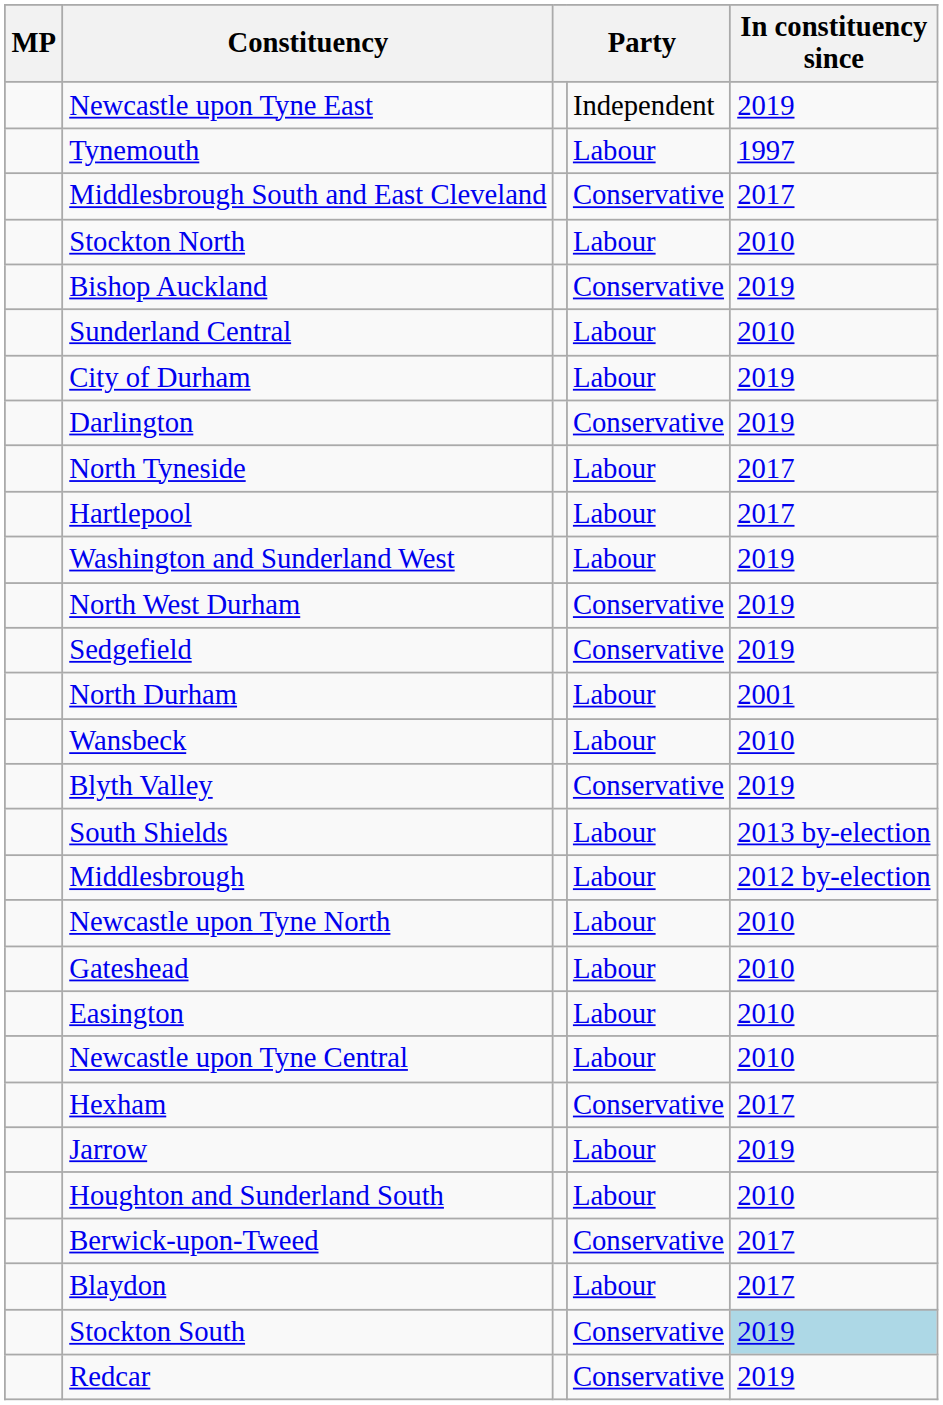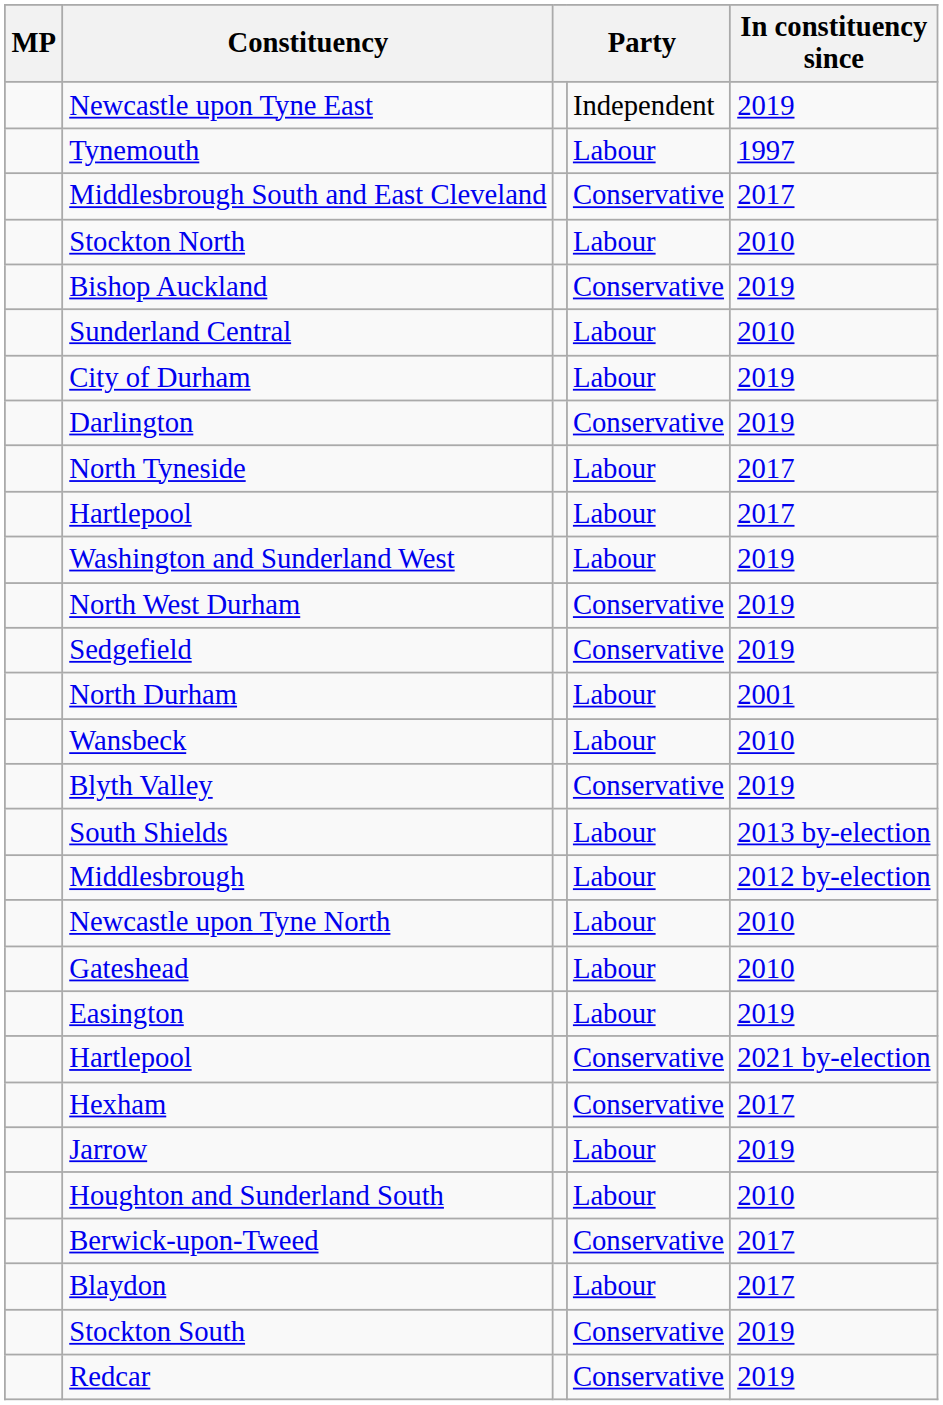 <table class="wikitable sortable">
 <tr>
 <th>MP</th>
 <th>Constituency</th>
 <th colspan="2">Party</th>
 <th>In constituency<br>since</th>
 </tr>
 <tr>
 <td></td>
 <td><a href='#'>Newcastle upon Tyne East</a></td>
 <td style="color:inherit;background-color: "></td>
 <td>Independent</td>
 <td><a href='#'>2019</a></td>
 </tr>
 <tr>
 <td></td>
 <td><a href='#'>Tynemouth</a></td>
 <td style="color:inherit;background-color: "></td>
 <td><a href='#'>Labour</a></td>
 <td><a href='#'>1997</a></td>
 </tr>
 <tr>
 <td></td>
 <td><a href='#'>Middlesbrough South and East Cleveland</a></td>
 <td style="color:inherit;background-color: "></td>
 <td><a href='#'>Conservative</a></td>
 <td><a href='#'>2017</a></td>
 </tr>
 <tr>
 <td></td>
 <td><a href='#'>Stockton North</a></td>
 <td style="color:inherit;background-color: "></td>
 <td><a href='#'>Labour</a></td>
 <td><a href='#'>2010</a></td>
 </tr>
 <tr>
 <td></td>
 <td><a href='#'>Bishop Auckland</a></td>
 <td style="color:inherit;background-color: "></td>
 <td><a href='#'>Conservative</a></td>
 <td><a href='#'>2019</a></td>
 </tr>
 <tr>
 <td></td>
 <td><a href='#'>Sunderland Central</a></td>
 <td style="color:inherit;background-color: "></td>
 <td><a href='#'>Labour</a></td>
 <td><a href='#'>2010</a></td>
 </tr>
 <tr>
 <td></td>
 <td><a href='#'>City of Durham</a></td>
 <td style="color:inherit;background-color: "></td>
 <td><a href='#'>Labour</a></td>
 <td><a href='#'>2019</a></td>
 </tr>
 <tr>
 <td></td>
 <td><a href='#'>Darlington</a></td>
 <td style="color:inherit;background-color: "></td>
 <td><a href='#'>Conservative</a></td>
 <td><a href='#'>2019</a></td>
 </tr>
 <tr>
 <td></td>
 <td><a href='#'>North Tyneside</a></td>
 <td style="color:inherit;background-color: "></td>
 <td><a href='#'>Labour</a></td>
 <td><a href='#'>2017</a></td>
 </tr>
 <tr>
 <td><em></em></td>
 <td><a href='#'>Hartlepool</a></td>
 <td style="color:inherit;background-color: "></td>
 <td><a href='#'>Labour</a></td>
 <td><a href='#'>2017</a></td>
 </tr>
 <tr>
 <td></td>
 <td><a href='#'>Washington and Sunderland West</a></td>
 <td style="color:inherit;background-color: "></td>
 <td><a href='#'>Labour</a></td>
 <td><a href='#'>2019</a></td>
 </tr>
 <tr>
 <td></td>
 <td><a href='#'>North West Durham</a></td>
 <td style="color:inherit;background-color: "></td>
 <td><a href='#'>Conservative</a></td>
 <td><a href='#'>2019</a></td>
 </tr>
 <tr>
 <td></td>
 <td><a href='#'>Sedgefield</a></td>
 <td style="color:inherit;background-color: "></td>
 <td><a href='#'>Conservative</a></td>
 <td><a href='#'>2019</a></td>
 </tr>
 <tr>
 <td></td>
 <td><a href='#'>North Durham</a></td>
 <td style="color:inherit;background-color: "></td>
 <td><a href='#'>Labour</a></td>
 <td><a href='#'>2001</a></td>
 </tr>
 <tr>
 <td></td>
 <td><a href='#'>Wansbeck</a></td>
 <td style="color:inherit;background-color: "></td>
 <td><a href='#'>Labour</a></td>
 <td><a href='#'>2010</a></td>
 </tr>
 <tr>
 <td></td>
 <td><a href='#'>Blyth Valley</a></td>
 <td style="color:inherit;background-color: "></td>
 <td><a href='#'>Conservative</a></td>
 <td><a href='#'>2019</a></td>
 </tr>
 <tr>
 <td></td>
 <td><a href='#'>South Shields</a></td>
 <td style="color:inherit;background-color: "></td>
 <td><a href='#'>Labour</a></td>
 <td><a href='#'>2013 by-election</a></td>
 </tr>
 <tr>
 <td></td>
 <td><a href='#'>Middlesbrough</a></td>
 <td style="color:inherit;background-color: "></td>
 <td><a href='#'>Labour</a></td>
 <td><a href='#'>2012 by-election</a></td>
 </tr>
 <tr>
 <td></td>
 <td><a href='#'>Newcastle upon Tyne North</a></td>
 <td style="color:inherit;background-color: "></td>
 <td><a href='#'>Labour</a></td>
 <td><a href='#'>2010</a></td>
 </tr>
 <tr>
 <td></td>
 <td><a href='#'>Gateshead</a></td>
 <td style="color:inherit;background-color: "></td>
 <td><a href='#'>Labour</a></td>
 <td><a href='#'>2010</a></td>
 </tr>
 <tr>
 <td></td>
 <td><a href='#'>Easington</a></td>
 <td style="color:inherit;background-color: "></td>
 <td><a href='#'>Labour</a></td>
-<td><a href='#'>2010</a></td>
+<td><a href='#'>2019</a></td>
 </tr>
 <tr>
 <td></td>
-<td><a href='#'>Newcastle upon Tyne Central</a></td>
+<td><a href='#'>Hartlepool</a></td>
 <td style="color:inherit;background-color: "></td>
-<td><a href='#'>Labour</a></td>
-<td><a href='#'>2010</a></td>
+<td><a href='#'>Conservative</a></td>
+<td><a href='#'>2021 by-election</a></td>
 </tr>
 <tr>
 <td></td>
 <td><a href='#'>Hexham</a></td>
 <td style="color:inherit;background-color: "></td>
 <td><a href='#'>Conservative</a></td>
 <td><a href='#'>2017</a></td>
 </tr>
 <tr>
 <td></td>
 <td><a href='#'>Jarrow</a></td>
 <td style="color:inherit;background-color: "></td>
 <td><a href='#'>Labour</a></td>
 <td><a href='#'>2019</a></td>
 </tr>
 <tr>
 <td></td>
 <td><a href='#'>Houghton and Sunderland South</a></td>
 <td style="color:inherit;background-color: "></td>
 <td><a href='#'>Labour</a></td>
 <td><a href='#'>2010</a></td>
 </tr>
 <tr>
 <td></td>
 <td><a href='#'>Berwick-upon-Tweed</a></td>
 <td style="color:inherit;background-color: "></td>
 <td><a href='#'>Conservative</a></td>
 <td><a href='#'>2017</a></td>
 </tr>
 <tr>
 <td></td>
 <td><a href='#'>Blaydon</a></td>
 <td style="color:inherit;background-color: "></td>
 <td><a href='#'>Labour</a></td>
 <td><a href='#'>2017</a></td>
 </tr>
 <tr>
 <td></td>
 <td><a href='#'>Stockton South</a></td>
 <td style="color:inherit;background-color: "></td>
 <td><a href='#'>Conservative</a></td>
-<td style="background: lightblue;"><a href='#'>2019</a></td>
+<td><a href='#'>2019</a></td>
 </tr>
 <tr>
 <td></td>
 <td><a href='#'>Redcar</a></td>
 <td style="color:inherit;background-color: "></td>
 <td><a href='#'>Conservative</a></td>
 <td><a href='#'>2019</a></td>
 </tr>
 </table>
